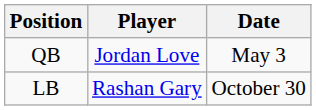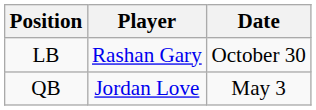 <table class="wikitable" style="text-align:center">
 <tr>
 <th>Position</th>
 <th>Player</th>
 <th>Date</th>
 </tr>
 <tr>
+<td>LB</td>
+<td><a href='#'>Rashan Gary</a></td>
+<td>October 30</td>
+</tr>
+<tr>
 <td>QB</td>
 <td><a href='#'>Jordan Love</a></td>
 <td>May 3</td>
 </tr>
-<tr>
-<td>LB</td>
-<td><a href='#'>Rashan Gary</a></td>
-<td>October 30</td>
-</tr>
 </table>
